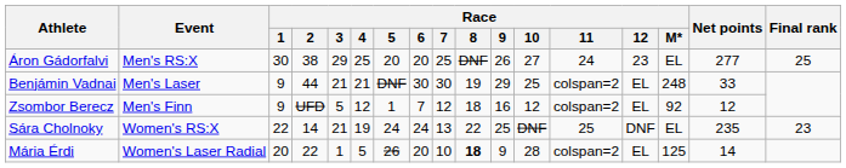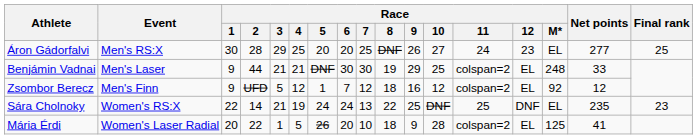 <table class="wikitable" style="font-size:90%">
 <tr>
 <th rowspan="2">Athlete</th>
 <th rowspan="2">Event</th>
 <th colspan=13>Race</th>
 <th rowspan=2>Net points</th>
 <th rowspan=2>Final rank</th>
 </tr>
 <tr style="font-size:95%">
 <th>1</th>
 <th>2</th>
 <th>3</th>
 <th>4</th>
 <th>5</th>
 <th>6</th>
 <th>7</th>
 <th>8</th>
 <th>9</th>
 <th>10</th>
 <th>11</th>
 <th>12</th>
 <th>M*</th>
 </tr>
 <tr align=center>
 <td align=left><a href='#'>Áron Gádorfalvi</a></td>
 <td align=left><a href='#'>Men's RS:X</a></td>
 <td>30</td>
-<td>38</td>
+<td>28</td>
 <td>29</td>
 <td>25</td>
 <td>20</td>
 <td>20</td>
 <td>25</td>
 <td><s>DNF</s></td>
 <td>26</td>
 <td>27</td>
 <td>24</td>
 <td>23</td>
 <td>EL</td>
 <td>277</td>
 <td>25</td>
 </tr>
 <tr align=center>
 <td align=left><a href='#'>Benjámin Vadnai</a></td>
 <td align=left><a href='#'>Men's Laser</a></td>
 <td>9</td>
 <td>44</td>
 <td>21</td>
 <td>21</td>
 <td><s>DNF</s></td>
 <td>30</td>
 <td>30</td>
 <td>19</td>
 <td>29</td>
 <td>25</td>
 <td>colspan=2 </td>
 <td>EL</td>
 <td>248</td>
 <td>33</td>
 </tr>
 <tr align=center>
 <td align=left><a href='#'>Zsombor Berecz</a></td>
 <td align=left><a href='#'>Men's Finn</a></td>
 <td>9</td>
 <td><s>UFD</s></td>
 <td>5</td>
 <td>12</td>
 <td>1</td>
 <td>7</td>
 <td>12</td>
 <td>18</td>
 <td>16</td>
 <td>12</td>
 <td>colspan=2 </td>
 <td>EL</td>
 <td>92</td>
 <td>12</td>
 </tr>
 <tr align=center>
 <td align=left><a href='#'>Sára Cholnoky</a></td>
 <td align=left><a href='#'>Women's RS:X</a></td>
 <td>22</td>
 <td>14</td>
 <td>21</td>
 <td>19</td>
 <td>24</td>
 <td>24</td>
 <td>13</td>
 <td>22</td>
 <td>25</td>
 <td><s>DNF</s></td>
 <td>25</td>
 <td>DNF</td>
 <td>EL</td>
 <td>235</td>
 <td>23</td>
 </tr>
 <tr align=center>
 <td align=left><a href='#'>Mária Érdi</a></td>
 <td align=left><a href='#'>Women's Laser Radial</a></td>
 <td>20</td>
 <td>22</td>
 <td>1</td>
 <td>5</td>
 <td><s>26</s></td>
 <td>20</td>
 <td>10</td>
-<td><strong>18</strong></td>
+<td>18</td>
 <td>9</td>
 <td>28</td>
 <td>colspan=2 </td>
 <td>EL</td>
 <td>125</td>
-<td>14</td>
+<td>41</td>
 </tr>
 </table>
